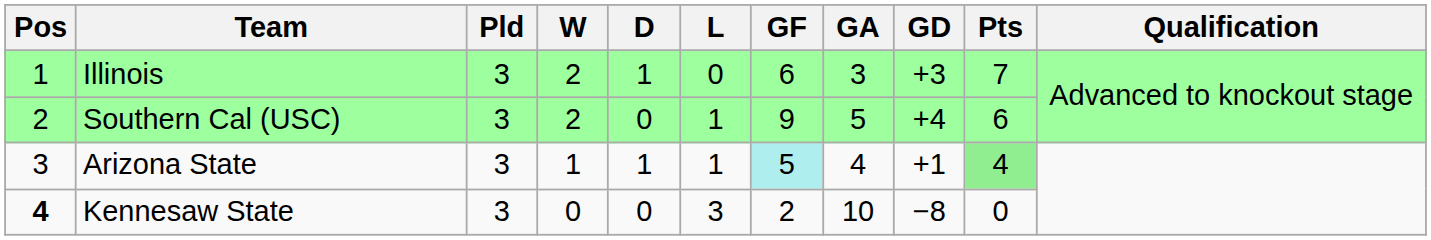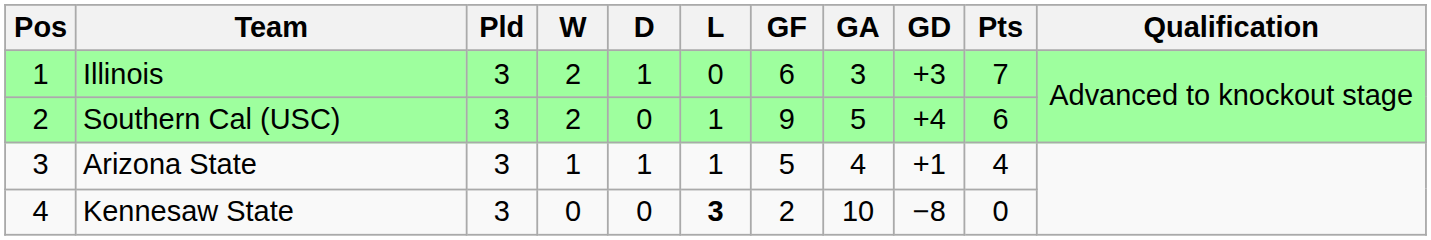 <table class="wikitable" style="text-align:center; margin: 1em auto">
 <tr>
 <th style="width:2em">Pos</th>
 <th style="width:13em">Team</th>
 <th style="width:2em">Pld</th>
 <th style="width:2em">W</th>
 <th style="width:2em">D</th>
 <th style="width:2em">L</th>
 <th style="width:2em">GF</th>
 <th style="width:2em">GA</th>
 <th style="width:2em">GD</th>
 <th style="width:2em">Pts</th>
 <th style="width:13em">Qualification</th>
 </tr>
 <tr bgcolor="#9eff9e">
 <td>1</td>
 <td style="text-align:left">Illinois</td>
 <td>3</td>
 <td>2</td>
 <td>1</td>
 <td>0</td>
 <td>6</td>
 <td>3</td>
 <td>+3</td>
 <td>7</td>
 <td rowspan="2">Advanced to knockout stage</td>
 </tr>
 <tr bgcolor="#9eff9e">
 <td>2</td>
 <td style="text-align:left">Southern Cal (USC)</td>
 <td>3</td>
 <td>2</td>
 <td>0</td>
 <td>1</td>
 <td>9</td>
 <td>5</td>
 <td>+4</td>
 <td>6</td>
 </tr>
 <tr>
 <td>3</td>
 <td style="text-align:left">Arizona State</td>
 <td>3</td>
 <td>1</td>
 <td>1</td>
 <td>1</td>
-<td style="background: paleturquoise;">5</td>
+<td>5</td>
 <td>4</td>
 <td>+1</td>
-<td style="background: lightgreen;">4</td>
+<td>4</td>
 </tr>
 <tr>
-<td><strong>4</strong></td>
+<td>4</td>
 <td style="text-align:left">Kennesaw State</td>
 <td>3</td>
 <td>0</td>
 <td>0</td>
-<td>3</td>
+<td><strong>3</strong></td>
 <td>2</td>
 <td>10</td>
 <td>−8</td>
 <td>0</td>
 </tr>
 </table>
